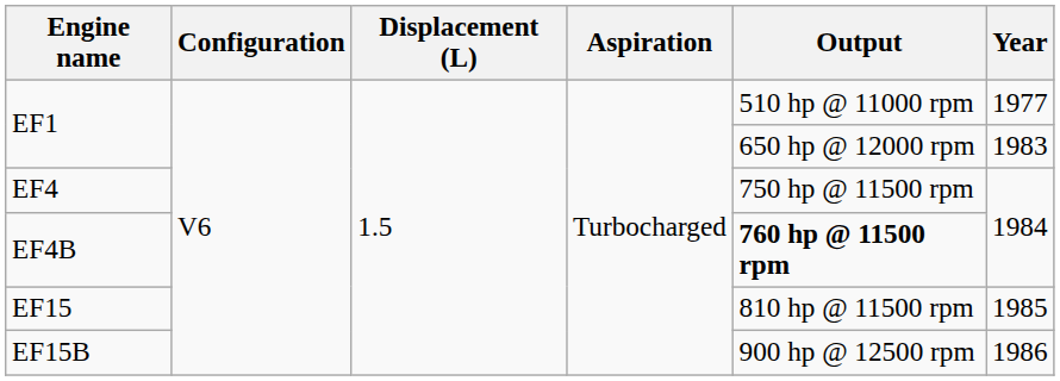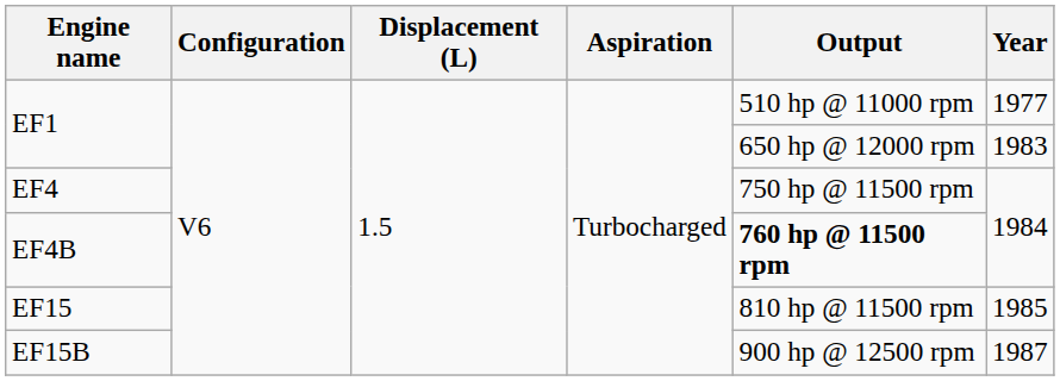 <table class="wikitable sortable">
 <tr>
 <th>Engine name</th>
 <th>Configuration</th>
 <th>Displacement (L)</th>
 <th>Aspiration</th>
 <th>Output</th>
 <th>Year</th>
 </tr>
 <tr>
 <td rowspan="2">EF1</td>
 <td rowspan="6">V6</td>
 <td rowspan="6">1.5</td>
 <td rowspan="6">Turbocharged</td>
 <td>510 hp @ 11000 rpm</td>
 <td>1977</td>
 </tr>
 <tr>
 <td>650 hp @ 12000 rpm</td>
 <td>1983</td>
 </tr>
 <tr>
 <td>EF4</td>
 <td>750 hp @ 11500 rpm</td>
 <td rowspan="2">1984</td>
 </tr>
 <tr>
 <td>EF4B</td>
 <td><strong>760 hp @ 11500 rpm</strong></td>
 </tr>
 <tr>
 <td>EF15</td>
 <td>810 hp @ 11500 rpm</td>
 <td>1985</td>
 </tr>
 <tr>
 <td>EF15B</td>
 <td>900 hp @ 12500 rpm</td>
-<td>1986</td>
+<td>1987</td>
 </tr>
 </table>
